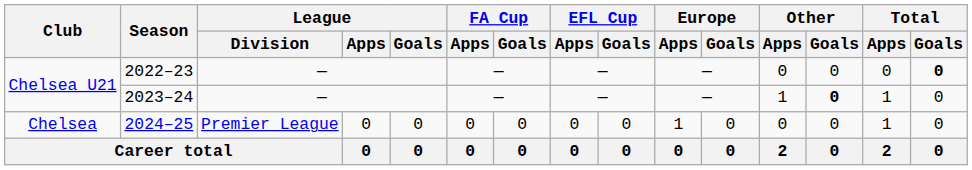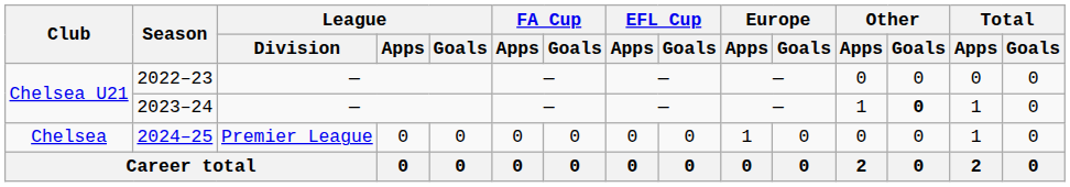 <table class="wikitable" style="text-align: center;">
 <tr>
 <th rowspan=2>Club</th>
 <th rowspan=2>Season</th>
 <th colspan=3>League</th>
 <th colspan=2><a href='#'>FA Cup</a></th>
 <th colspan=2><a href='#'>EFL Cup</a></th>
 <th colspan=2>Europe</th>
 <th colspan=2>Other</th>
 <th colspan=2>Total</th>
 </tr>
 <tr>
 <th>Division</th>
 <th>Apps</th>
 <th>Goals</th>
 <th>Apps</th>
 <th>Goals</th>
 <th>Apps</th>
 <th>Goals</th>
 <th>Apps</th>
 <th>Goals</th>
 <th>Apps</th>
 <th>Goals</th>
 <th>Apps</th>
 <th>Goals</th>
 </tr>
 <tr>
 <td rowspan=2><a href='#'>Chelsea U21</a></td>
 <td>2022–23</td>
 <td colspan=3>—</td>
 <td colspan=2>—</td>
 <td colspan=2>—</td>
 <td colspan=2>—</td>
 <td>0</td>
 <td>0</td>
 <td>0</td>
-<td><strong>0</strong></td>
+<td>0</td>
 </tr>
 <tr>
 <td>2023–24</td>
 <td colspan=3>—</td>
 <td colspan=2>—</td>
 <td colspan=2>—</td>
 <td colspan=2>—</td>
 <td>1</td>
 <td><strong>0</strong></td>
 <td>1</td>
 <td>0</td>
 </tr>
 <tr>
 <td><a href='#'>Chelsea</a></td>
 <td><a href='#'>2024–25</a></td>
 <td><a href='#'>Premier League</a></td>
 <td>0</td>
 <td>0</td>
 <td>0</td>
 <td>0</td>
 <td>0</td>
 <td>0</td>
 <td>1</td>
 <td>0</td>
 <td>0</td>
 <td>0</td>
 <td>1</td>
 <td>0</td>
 </tr>
 <tr>
 <th colspan=3>Career total</th>
 <th>0</th>
 <th>0</th>
 <th>0</th>
 <th>0</th>
 <th>0</th>
 <th>0</th>
 <th>0</th>
 <th>0</th>
 <th>2</th>
 <th>0</th>
 <th>2</th>
 <th>0</th>
 </tr>
 </table>
